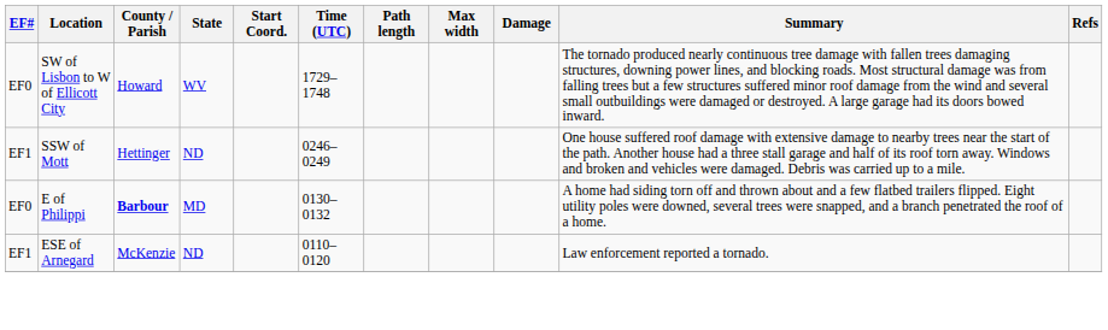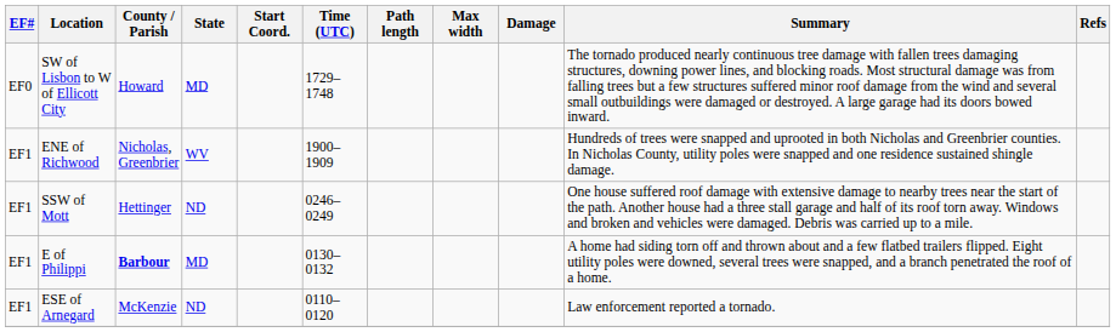 <table class="wikitable sortable" style="width:100%;">
 <tr>
 <th scope="col" width="3%" align="center"><a href='#'>EF#</a></th>
 <th scope="col" width="7%" align="center" class="unsortable">Location</th>
 <th scope="col" width="6%" align="center" class="unsortable">County / Parish</th>
 <th scope="col" width="5%" align="center">State</th>
 <th scope="col" width="6%" align="center">Start Coord.</th>
 <th scope="col" width="6%" align="center">Time (<a href='#'>UTC</a>)</th>
 <th scope="col" width="6%" align="center">Path length</th>
 <th scope="col" width="6%" align="center">Max width</th>
 <th scope="col" width="6%" align="center">Damage</th>
 <th scope="col" width="48%" class="unsortable" align="center">Summary</th>
 <th scope="col" width="48%" class="unsortable" align="center">Refs</th>
 </tr>
 <tr>
 <td>EF0</td>
 <td>SW of <a href='#'>Lisbon</a> to W of <a href='#'>Ellicott City</a></td>
 <td><a href='#'>Howard</a></td>
-<td><a href='#'>WV</a></td>
+<td><a href='#'>MD</a></td>
 <td></td>
 <td>1729–1748</td>
 <td></td>
 <td></td>
 <td></td>
 <td>The tornado produced nearly continuous tree damage with fallen trees damaging structures, downing power lines, and blocking roads. Most structural damage was from falling trees but a few structures suffered minor roof damage from the wind and several small outbuildings were damaged or destroyed. A large garage had its doors bowed inward.</td>
+<td></td>
+</tr>
+<tr>
+<td>EF1</td>
+<td>ENE of <a href='#'>Richwood</a></td>
+<td><a href='#'>Nicholas</a>, <a href='#'>Greenbrier</a></td>
+<td><a href='#'>WV</a></td>
+<td></td>
+<td>1900–1909</td>
+<td></td>
+<td></td>
+<td></td>
+<td>Hundreds of trees were snapped and uprooted in both Nicholas and Greenbrier counties. In Nicholas County, utility poles were snapped and one residence sustained shingle damage.</td>
 <td></td>
 </tr>
 <tr>
 <td>EF1</td>
 <td>SSW of <a href='#'>Mott</a></td>
 <td><a href='#'>Hettinger</a></td>
 <td><a href='#'>ND</a></td>
 <td></td>
 <td>0246–0249</td>
 <td></td>
 <td></td>
 <td></td>
 <td>One house suffered roof damage with extensive damage to nearby trees near the start of the path. Another house had a three stall garage and half of its roof torn away. Windows and broken and vehicles were damaged. Debris was carried up to a mile.</td>
 <td></td>
 </tr>
 <tr>
-<td>EF0</td>
+<td>EF1</td>
 <td>E of <a href='#'>Philippi</a></td>
 <td><strong><a href='#'>Barbour</a></strong></td>
 <td><a href='#'>MD</a></td>
 <td></td>
 <td>0130–0132</td>
 <td></td>
 <td></td>
 <td></td>
 <td>A home had siding torn off and thrown about  and a few flatbed trailers flipped. Eight utility poles were downed, several trees were snapped, and a branch penetrated the roof of a home.</td>
 <td></td>
 </tr>
 <tr>
 <td>EF1</td>
 <td>ESE of <a href='#'>Arnegard</a></td>
 <td><a href='#'>McKenzie</a></td>
 <td><a href='#'>ND</a></td>
 <td></td>
 <td>0110–0120</td>
 <td></td>
 <td></td>
 <td></td>
 <td>Law enforcement reported a tornado.</td>
 <td></td>
 </tr>
 <tr>
 </tr>
 </table>
